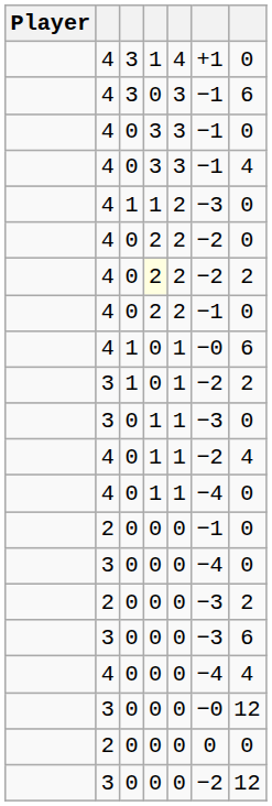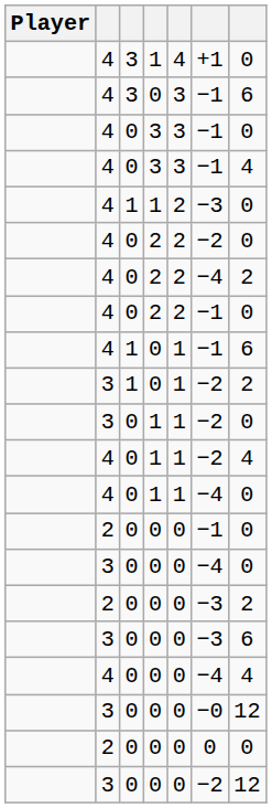 <table class="wikitable sortable" style="text-align:center;">
 <tr>
 <th>Player</th>
 <th></th>
 <th></th>
 <th></th>
 <th></th>
 <th data-sort-type="number"></th>
 <th></th>
 </tr>
 <tr>
 <td></td>
 <td>4</td>
 <td>3</td>
 <td>1</td>
 <td>4</td>
 <td>+1</td>
 <td>0</td>
 </tr>
 <tr>
 <td></td>
 <td>4</td>
 <td>3</td>
 <td>0</td>
 <td>3</td>
 <td>−1</td>
 <td>6</td>
 </tr>
 <tr>
 <td></td>
 <td>4</td>
 <td>0</td>
 <td>3</td>
 <td>3</td>
 <td>−1</td>
 <td>0</td>
 </tr>
 <tr>
 <td></td>
 <td>4</td>
 <td>0</td>
 <td>3</td>
 <td>3</td>
 <td>−1</td>
 <td>4</td>
 </tr>
 <tr>
 <td></td>
 <td>4</td>
 <td>1</td>
 <td>1</td>
 <td>2</td>
 <td>−3</td>
 <td>0</td>
 </tr>
 <tr>
 <td></td>
 <td>4</td>
 <td>0</td>
 <td>2</td>
 <td>2</td>
 <td>−2</td>
 <td>0</td>
 </tr>
 <tr>
 <td></td>
 <td>4</td>
 <td>0</td>
-<td style="background: lightyellow;">2</td>
 <td>2</td>
-<td>−2</td>
+<td>2</td>
+<td>−4</td>
 <td>2</td>
 </tr>
 <tr>
 <td></td>
 <td>4</td>
 <td>0</td>
 <td>2</td>
 <td>2</td>
 <td>−1</td>
 <td>0</td>
 </tr>
 <tr>
 <td></td>
 <td>4</td>
 <td>1</td>
 <td>0</td>
 <td>1</td>
-<td>−0</td>
+<td>−1</td>
 <td>6</td>
 </tr>
 <tr>
 <td></td>
 <td>3</td>
 <td>1</td>
 <td>0</td>
 <td>1</td>
 <td>−2</td>
 <td>2</td>
 </tr>
 <tr>
 <td></td>
 <td>3</td>
 <td>0</td>
 <td>1</td>
 <td>1</td>
-<td>−3</td>
+<td>−2</td>
 <td>0</td>
 </tr>
 <tr>
 <td></td>
 <td>4</td>
 <td>0</td>
 <td>1</td>
 <td>1</td>
 <td>−2</td>
 <td>4</td>
 </tr>
 <tr>
 <td></td>
 <td>4</td>
 <td>0</td>
 <td>1</td>
 <td>1</td>
 <td>−4</td>
 <td>0</td>
 </tr>
 <tr>
 <td></td>
 <td>2</td>
 <td>0</td>
 <td>0</td>
 <td>0</td>
 <td>−1</td>
 <td>0</td>
 </tr>
 <tr>
 <td></td>
 <td>3</td>
 <td>0</td>
 <td>0</td>
 <td>0</td>
 <td>−4</td>
 <td>0</td>
 </tr>
 <tr>
 <td></td>
 <td>2</td>
 <td>0</td>
 <td>0</td>
 <td>0</td>
 <td>−3</td>
 <td>2</td>
 </tr>
 <tr>
 <td></td>
 <td>3</td>
 <td>0</td>
 <td>0</td>
 <td>0</td>
 <td>−3</td>
 <td>6</td>
 </tr>
 <tr>
 <td></td>
 <td>4</td>
 <td>0</td>
 <td>0</td>
 <td>0</td>
 <td>−4</td>
 <td>4</td>
 </tr>
 <tr>
 <td></td>
 <td>3</td>
 <td>0</td>
 <td>0</td>
 <td>0</td>
 <td>−0</td>
 <td>12</td>
 </tr>
 <tr>
 <td></td>
 <td>2</td>
 <td>0</td>
 <td>0</td>
 <td>0</td>
 <td>0</td>
 <td>0</td>
 </tr>
 <tr>
 <td></td>
 <td>3</td>
 <td>0</td>
 <td>0</td>
 <td>0</td>
 <td>−2</td>
 <td>12</td>
 </tr>
 </table>
